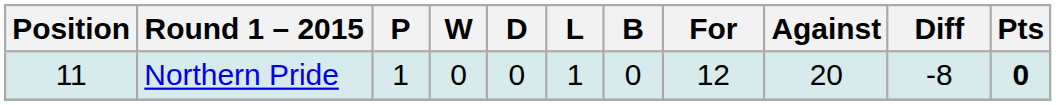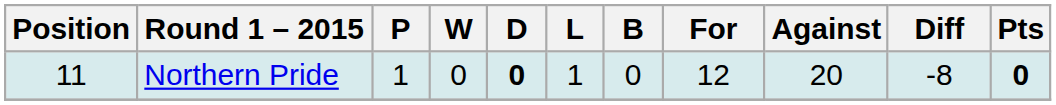 <table class="wikitable" style="text-align:center; font-size:85%;">
 <tr>
 <th width=40 abbr="Position">Position</th>
 <th width=100>Round 1 – 2015</th>
 <th width=20 abbr="Played">P</th>
 <th width=20 abbr="Won">W</th>
 <th width=20 abbr="Drawn">D</th>
 <th width=20 abbr="Lost">L</th>
 <th width=20 abbr="Bye">B</th>
 <th width=40 abbr="Points for">For</th>
 <th width=40 abbr="Points against">Against</th>
 <th width=40 abbr="Points difference">Diff</th>
 <th width=20 abbr="Points">Pts</th>
 </tr>
 <tr style="background: #d7ebed;">
 <td>11</td>
 <td style="text-align:left;"> <a href='#'>Northern Pride</a></td>
 <td>1</td>
 <td>0</td>
-<td>0</td>
+<td><strong>0</strong></td>
 <td>1</td>
 <td>0</td>
 <td>12</td>
 <td>20</td>
 <td>-8</td>
 <td><strong>0</strong></td>
 </tr>
 <tr>
 </tr>
 </table>
